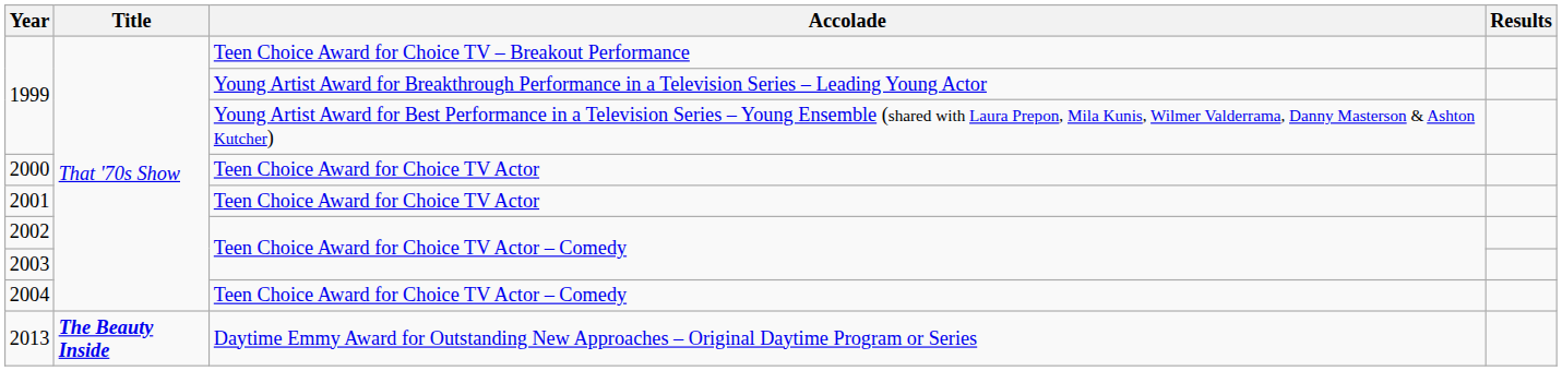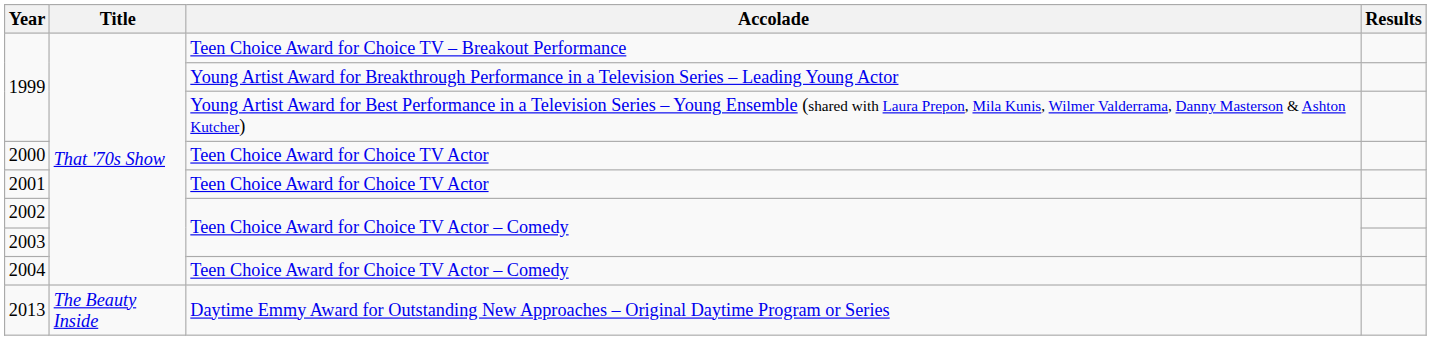 <table class="wikitable">
 <tr>
 <th>Year</th>
 <th>Title</th>
 <th>Accolade</th>
 <th>Results</th>
 </tr>
 <tr>
 <td rowspan=3>1999</td>
 <td rowspan=8><em><a href='#'>That '70s Show</a></em></td>
 <td><a href='#'>Teen Choice Award for Choice TV – Breakout Performance</a></td>
 <td></td>
 </tr>
 <tr>
 <td><a href='#'>Young Artist Award for Breakthrough Performance in a Television Series – Leading Young Actor</a></td>
 <td></td>
 </tr>
 <tr>
 <td><a href='#'>Young Artist Award for Best Performance in a Television Series – Young Ensemble</a> (<small>shared with <a href='#'>Laura Prepon</a>, <a href='#'>Mila Kunis</a>, <a href='#'>Wilmer Valderrama</a>, <a href='#'>Danny Masterson</a> & <a href='#'>Ashton Kutcher</a></small>)</td>
 <td></td>
 </tr>
 <tr>
 <td>2000</td>
 <td><a href='#'>Teen Choice Award for Choice TV Actor</a></td>
 <td></td>
 </tr>
 <tr>
 <td>2001</td>
 <td><a href='#'>Teen Choice Award for Choice TV Actor</a></td>
 <td></td>
 </tr>
 <tr>
 <td>2002</td>
 <td rowspan=2><a href='#'>Teen Choice Award for Choice TV Actor – Comedy</a></td>
 <td></td>
 </tr>
 <tr>
 <td>2003</td>
 <td></td>
 </tr>
 <tr>
 <td>2004</td>
 <td><a href='#'>Teen Choice Award for Choice TV Actor – Comedy</a></td>
 <td></td>
 </tr>
 <tr>
 <td>2013</td>
-<td><strong><em><a href='#'>The Beauty Inside</a></em></strong></td>
+<td><em><a href='#'>The Beauty Inside</a></em></td>
 <td><a href='#'>Daytime Emmy Award for Outstanding New Approaches – Original Daytime Program or Series</a></td>
 <td></td>
 </tr>
 </table>
